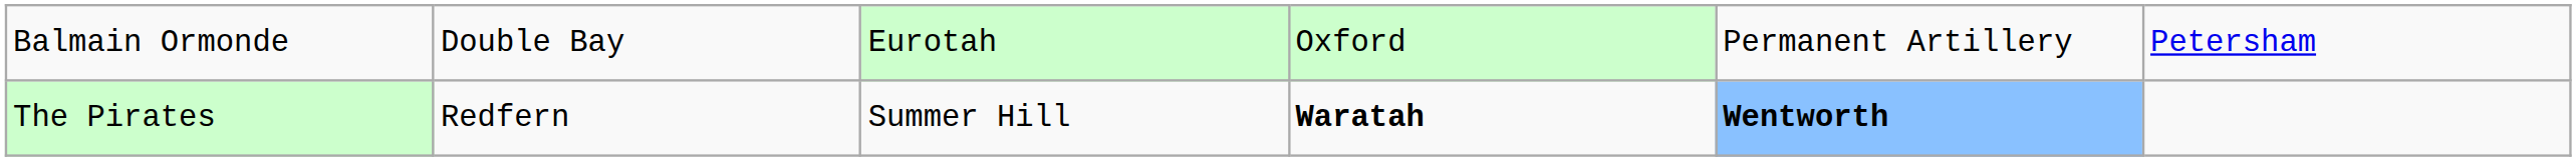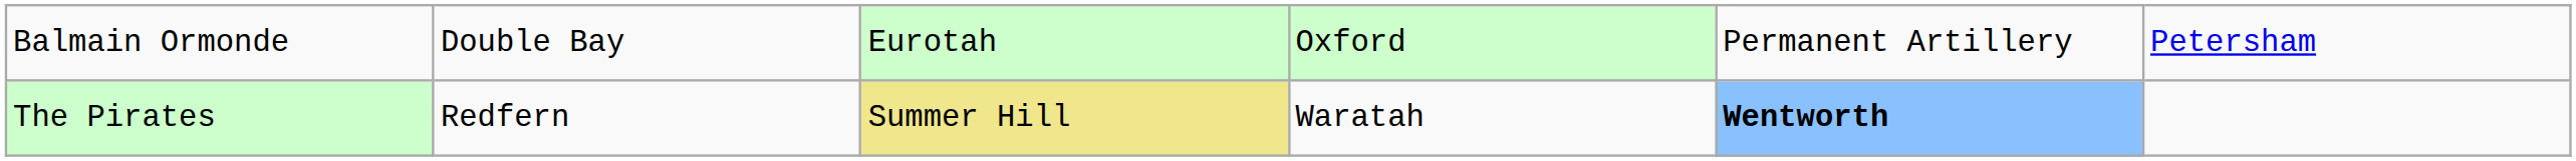 <table class="wikitable" style="margin:auto; text-valign:center; text-align:left;">
 <tr style="line-height:200%">
 <td width="175">Balmain Ormonde</td>
 <td width="175">Double Bay</td>
 <td width="175" style="background: #ccffcc;">Eurotah</td>
 <td width="175" style="background: #ccffcc;"> Oxford</td>
 <td width="175">Permanent Artillery</td>
 <td width="175"> <a href='#'>Petersham</a></td>
 </tr>
 <tr style="line-height:200%">
 <td style="background: #ccffcc;"> The Pirates</td>
 <td>Redfern</td>
-<td>Summer Hill</td>
-<td><strong>Waratah</strong></td>
+<td style="background: khaki;">Summer Hill</td>
+<td>Waratah</td>
 <td style="background: #89c1ff;"><strong>Wentworth</strong></td>
 <td></td>
 </tr>
 </table>
